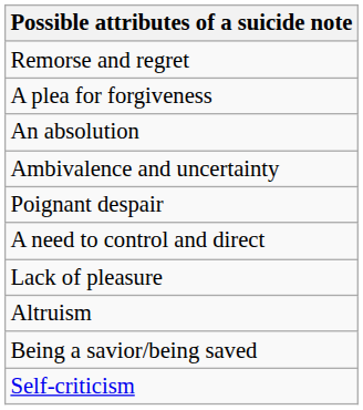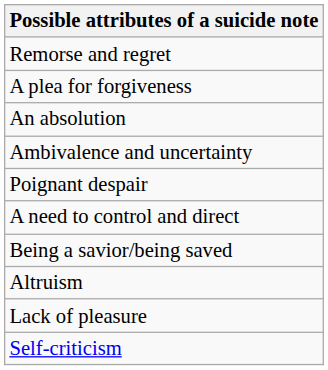 <table class="wikitable">
 <tr>
 <th>Possible attributes of a suicide note</th>
 </tr>
 <tr>
 <td>Remorse and regret</td>
 </tr>
 <tr>
 <td>A plea for forgiveness</td>
 </tr>
 <tr>
 <td>An absolution</td>
 </tr>
 <tr>
 <td>Ambivalence and uncertainty</td>
 </tr>
 <tr>
 <td>Poignant despair</td>
 </tr>
 <tr>
 <td>A need to control and direct</td>
 </tr>
 <tr>
-<td>Lack of pleasure</td>
+<td>Being a savior/being saved</td>
 </tr>
 <tr>
 <td>Altruism</td>
 </tr>
 <tr>
-<td>Being a savior/being saved</td>
+<td>Lack of pleasure</td>
 </tr>
 <tr>
 <td><a href='#'>Self-criticism</a></td>
 </tr>
 </table>
